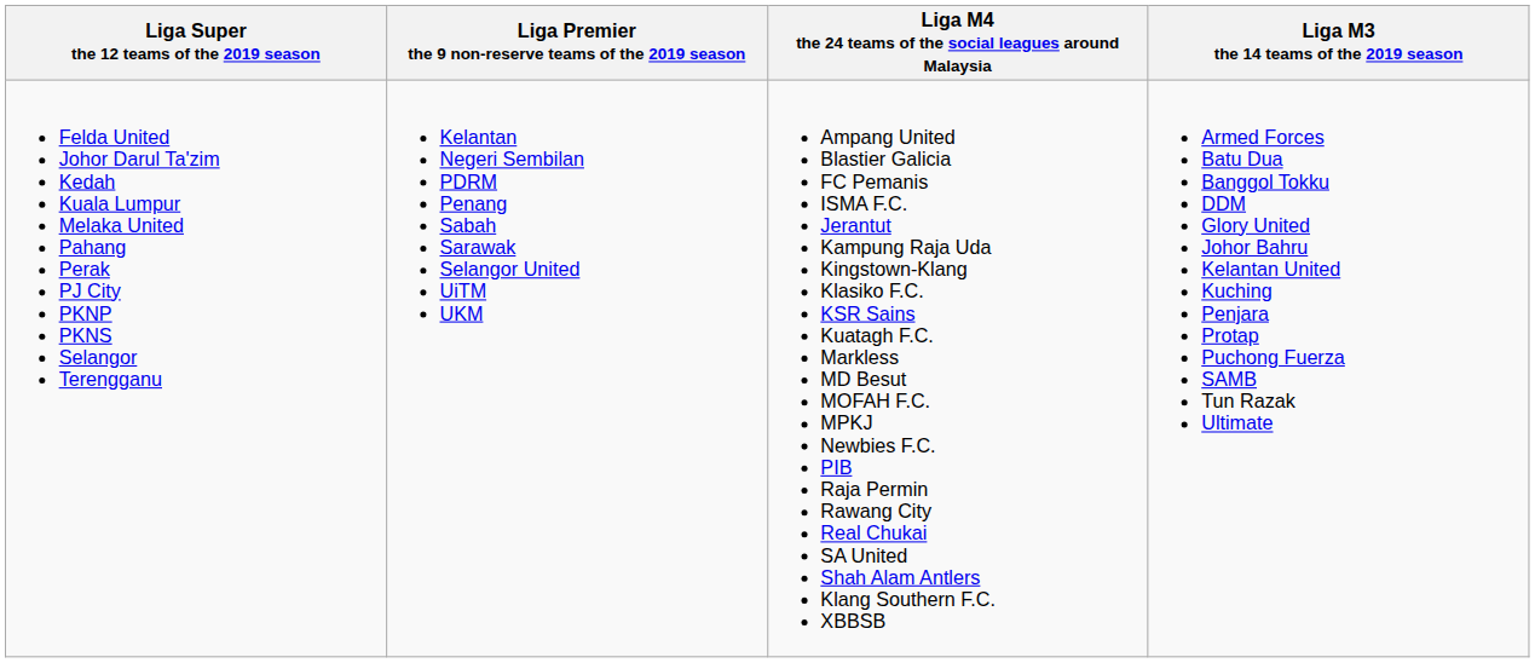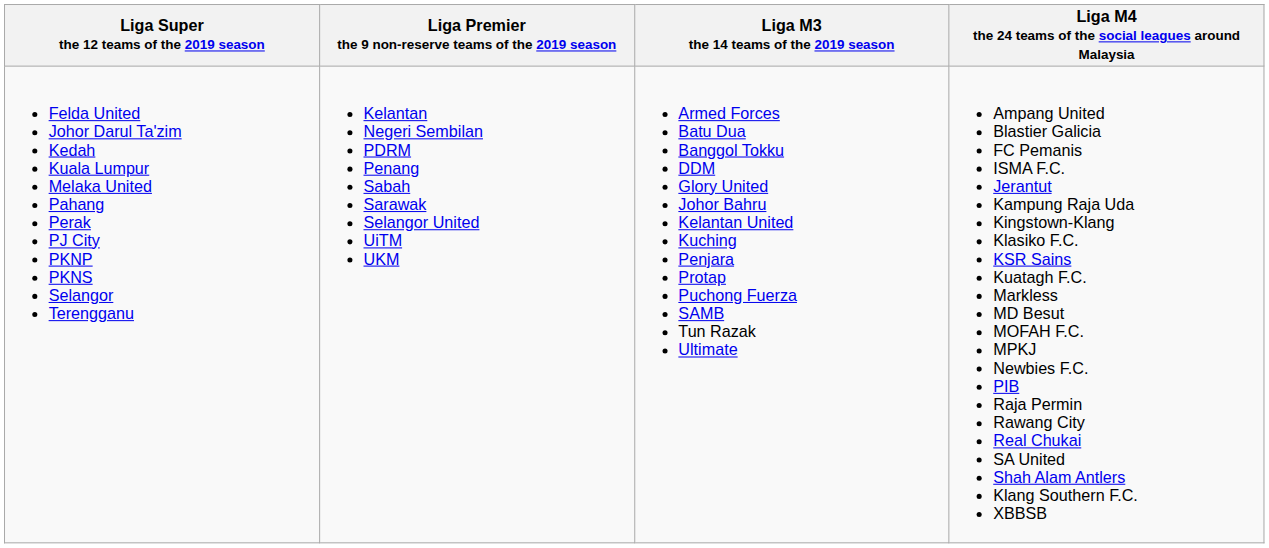 <table class="wikitable">
 <tr>
 <th style="width:25%"><strong>Liga Super</strong><br><small>the 12 teams of the <a href='#'>2019 season</a></small></th>
 <th style="width:25%"><strong>Liga Premier</strong><br><small>the 9 non-reserve teams of the <a href='#'>2019 season</a></small></th>
+<th style="width:25%"><strong>Liga M3</strong><br><small>the 14 teams of the <a href='#'>2019 season</a></small></th>
 <th style="width:25%"><strong>Liga M4</strong><br><small>the 24 teams of the <a href='#'>social leagues</a> around Malaysia</small></th>
-<th style="width:25%"><strong>Liga M3</strong><br><small>the 14 teams of the <a href='#'>2019 season</a></small></th>
 </tr>
 <tr style="vertical-align:top">
 <td><br><ul><li><a href='#'>Felda United</a></li><li><a href='#'>Johor Darul Ta'zim</a></li><li><a href='#'>Kedah</a></li><li><a href='#'>Kuala Lumpur</a></li><li><a href='#'>Melaka United</a></li><li><a href='#'>Pahang</a></li><li><a href='#'>Perak</a></li><li><a href='#'>PJ City</a></li><li><a href='#'>PKNP</a></li><li><a href='#'>PKNS</a></li><li><a href='#'>Selangor</a></li><li><a href='#'>Terengganu</a></li></ul></td>
 <td><br><ul><li><a href='#'>Kelantan</a></li><li><a href='#'>Negeri Sembilan</a></li><li><a href='#'>PDRM</a></li><li><a href='#'>Penang</a></li><li><a href='#'>Sabah</a></li><li><a href='#'>Sarawak</a></li><li><a href='#'>Selangor United</a></li><li><a href='#'>UiTM</a></li><li><a href='#'>UKM</a></li></ul></td>
+<td><br><ul><li><a href='#'>Armed Forces</a></li><li><a href='#'>Batu Dua</a></li><li><a href='#'>Banggol Tokku</a></li><li><a href='#'>DDM</a></li><li><a href='#'>Glory United</a></li><li><a href='#'>Johor Bahru</a></li><li><a href='#'>Kelantan United</a></li><li><a href='#'>Kuching</a></li><li><a href='#'>Penjara</a></li><li><a href='#'>Protap</a></li><li><a href='#'>Puchong Fuerza</a></li><li><a href='#'>SAMB</a></li><li>Tun Razak</li><li><a href='#'>Ultimate</a></li></ul></td>
 <td><br><ul><li>Ampang United</li><li>Blastier Galicia</li><li>FC Pemanis</li><li>ISMA F.C.</li><li><a href='#'>Jerantut</a></li><li>Kampung Raja Uda</li><li>Kingstown-Klang</li><li>Klasiko F.C.</li><li><a href='#'>KSR Sains</a></li><li>Kuatagh F.C.</li><li>Markless</li><li>MD Besut</li><li>MOFAH F.C.</li><li>MPKJ</li><li>Newbies F.C.</li><li><a href='#'>PIB</a></li><li>Raja Permin</li><li>Rawang City</li><li><a href='#'>Real Chukai</a></li><li>SA United</li><li><a href='#'>Shah Alam Antlers</a></li><li>Klang Southern F.C.</li><li>XBBSB</li></ul></td>
-<td><br><ul><li><a href='#'>Armed Forces</a></li><li><a href='#'>Batu Dua</a></li><li><a href='#'>Banggol Tokku</a></li><li><a href='#'>DDM</a></li><li><a href='#'>Glory United</a></li><li><a href='#'>Johor Bahru</a></li><li><a href='#'>Kelantan United</a></li><li><a href='#'>Kuching</a></li><li><a href='#'>Penjara</a></li><li><a href='#'>Protap</a></li><li><a href='#'>Puchong Fuerza</a></li><li><a href='#'>SAMB</a></li><li>Tun Razak</li><li><a href='#'>Ultimate</a></li></ul></td>
 </tr>
 </table>
